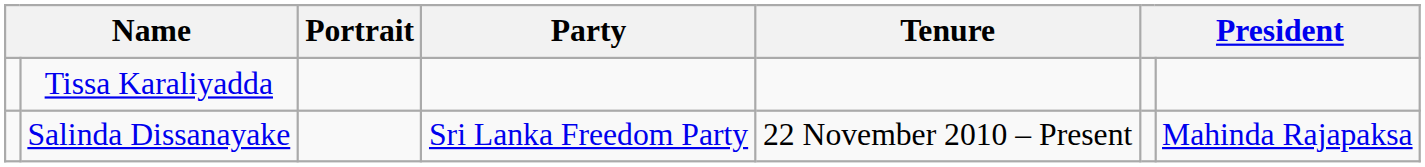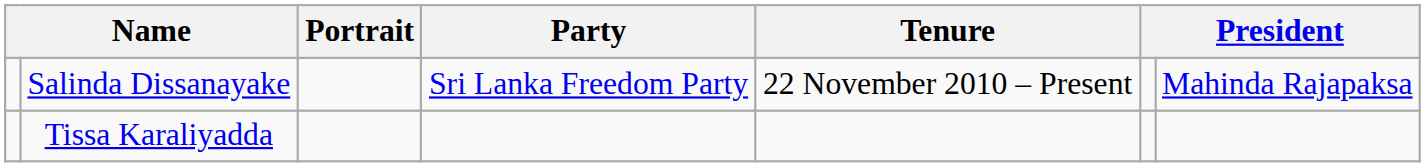 <table class="wikitable" style="font-size:90%; text-align:center;">
 <tr>
 <th colspan="2">Name</th>
 <th>Portrait</th>
 <th>Party</th>
 <th>Tenure</th>
 <th colspan="2"><a href='#'>President</a></th>
+</tr>
+<tr>
+<td !align="centre" style="background:"></td>
+<td><a href='#'>Salinda Dissanayake</a></td>
+<td></td>
+<td><a href='#'>Sri Lanka Freedom Party</a></td>
+<td>22 November 2010 – Present</td>
+<td !align="centre" style="background:"></td>
+<td><a href='#'>Mahinda Rajapaksa</a></td>
 </tr>
 <tr>
 <td !align="centre" style="background:; color:white;"></td>
 <td><a href='#'>Tissa Karaliyadda</a></td>
 <td></td>
 <td></td>
 <td></td>
 <td !align="centre" style="background:; color:white;"></td>
 <td></td>
 </tr>
-<tr>
-<td !align="centre" style="background:"></td>
-<td><a href='#'>Salinda Dissanayake</a></td>
-<td></td>
-<td><a href='#'>Sri Lanka Freedom Party</a></td>
-<td>22 November 2010 – Present</td>
-<td !align="centre" style="background:"></td>
-<td><a href='#'>Mahinda Rajapaksa</a></td>
-</tr>
 </table>
